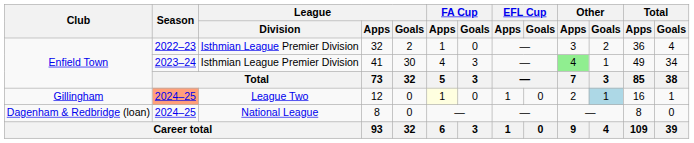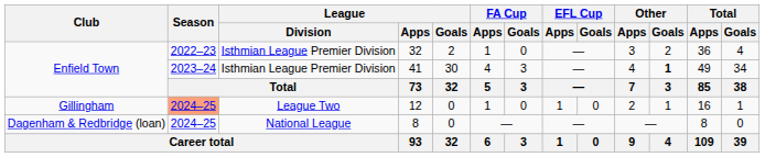 <table class="wikitable" style="text-align: center">
 <tr>
 <th rowspan="2">Club</th>
 <th rowspan="2">Season</th>
 <th colspan="3">League</th>
 <th colspan="2"><a href='#'>FA Cup</a></th>
 <th colspan="2"><a href='#'>EFL Cup</a></th>
 <th colspan="2">Other</th>
 <th colspan="2">Total</th>
 </tr>
 <tr>
 <th>Division</th>
 <th>Apps</th>
 <th>Goals</th>
 <th>Apps</th>
 <th>Goals</th>
 <th>Apps</th>
 <th>Goals</th>
 <th>Apps</th>
 <th>Goals</th>
 <th>Apps</th>
 <th>Goals</th>
 </tr>
 <tr>
 <td rowspan="3"><a href='#'>Enfield Town</a></td>
 <td><a href='#'>2022–23</a></td>
 <td><a href='#'>Isthmian League</a> Premier Division</td>
 <td>32</td>
 <td>2</td>
 <td>1</td>
 <td>0</td>
 <td colspan="2">—</td>
 <td>3</td>
 <td>2</td>
 <td>36</td>
 <td>4</td>
 </tr>
 <tr>
 <td><a href='#'>2023–24</a></td>
 <td>Isthmian League Premier Division</td>
 <td>41</td>
 <td>30</td>
 <td>4</td>
 <td>3</td>
 <td colspan="2">—</td>
-<td style="background: lightgreen;">4</td>
-<td>1</td>
+<td>4</td>
+<td><strong>1</strong></td>
 <td>49</td>
 <td>34</td>
 </tr>
 <tr>
 <th colspan="2">Total</th>
 <th>73</th>
 <th>32</th>
 <th>5</th>
 <th>3</th>
 <th colspan="2">—</th>
 <th>7</th>
 <th>3</th>
 <th>85</th>
 <th>38</th>
 </tr>
 <tr>
 <td rowspan="1"><a href='#'>Gillingham</a></td>
 <td style="background: lightsalmon;"><a href='#'>2024–25</a></td>
 <td><a href='#'>League Two</a></td>
 <td>12</td>
 <td>0</td>
-<td style="background: lightyellow;">1</td>
+<td>1</td>
 <td>0</td>
 <td>1</td>
 <td>0</td>
 <td>2</td>
-<td style="background: lightblue;">1</td>
+<td>1</td>
 <td>16</td>
 <td>1</td>
 </tr>
 <tr>
 <td><a href='#'>Dagenham & Redbridge</a> (loan)</td>
 <td><a href='#'>2024–25</a></td>
 <td><a href='#'>National League</a></td>
 <td>8</td>
 <td>0</td>
 <td colspan="2">—</td>
 <td colspan="2">—</td>
 <td colspan="2">—</td>
 <td>8</td>
 <td>0</td>
 </tr>
 <tr>
 <th colspan="3">Career total</th>
 <th>93</th>
 <th>32</th>
 <th>6</th>
 <th>3</th>
 <th>1</th>
 <th>0</th>
 <th>9</th>
 <th>4</th>
 <th>109</th>
 <th>39</th>
 </tr>
 </table>
